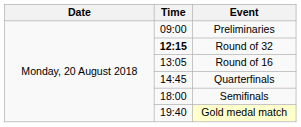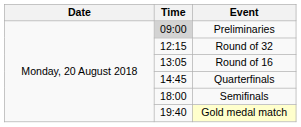 <table class = "wikitable" style="text-align:center;">
 <tr>
 <th width=220>Date</th>
 <th width=50>Time</th>
 <th width=150>Event</th>
 </tr>
 <tr>
 <td rowspan=6>Monday, 20 August 2018</td>
-<td>09:00</td>
+<td style="background: lightgrey;">09:00</td>
 <td>Preliminaries</td>
 </tr>
 <tr>
-<td><strong>12:15</strong></td>
+<td>12:15</td>
 <td>Round of 32</td>
 </tr>
 <tr>
 <td>13:05</td>
 <td>Round of 16</td>
 </tr>
 <tr>
 <td>14:45</td>
 <td>Quarterfinals</td>
 </tr>
 <tr>
 <td>18:00</td>
 <td>Semifinals</td>
 </tr>
 <tr>
 <td>19:40</td>
 <td bgcolor=ffffcc>Gold medal match</td>
 </tr>
 </table>
